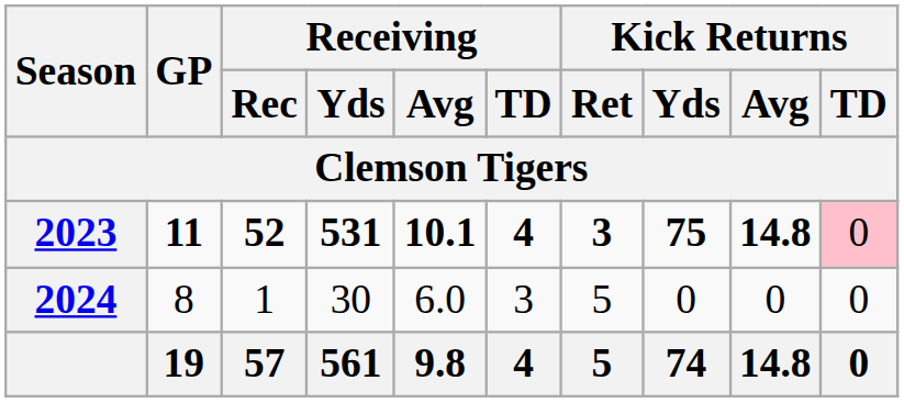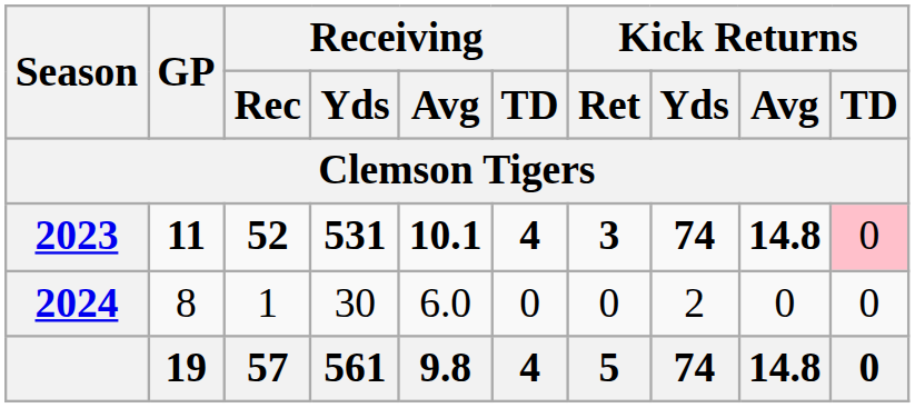 <table class="wikitable" style="text-align:center;">
 <tr>
 <th rowspan="2">Season</th>
 <th rowspan="2">GP</th>
 <th colspan="4">Receiving</th>
 <th colspan="4">Kick Returns</th>
 </tr>
 <tr>
 <th>Rec</th>
 <th>Yds</th>
 <th>Avg</th>
 <th>TD</th>
 <th>Ret</th>
 <th>Yds</th>
 <th>Avg</th>
 <th>TD</th>
 </tr>
 <tr>
 <th colspan="11">Clemson Tigers</th>
 </tr>
 <tr>
 <th><a href='#'>2023</a></th>
 <td><strong>11</strong></td>
 <td><strong>52</strong></td>
 <td><strong>531</strong></td>
 <td><strong>10.1</strong></td>
 <td><strong>4</strong></td>
 <td><strong>3</strong></td>
-<td><strong>75</strong></td>
+<td><strong>74</strong></td>
 <td><strong>14.8</strong></td>
 <td style="background: pink;">0</td>
 </tr>
 <tr>
 <th><a href='#'>2024</a></th>
 <td>8</td>
 <td>1</td>
 <td>30</td>
 <td>6.0</td>
-<td>3</td>
-<td>5</td>
 <td>0</td>
+<td>0</td>
+<td>2</td>
 <td>0</td>
 <td>0</td>
 </tr>
 <tr>
 <th></th>
 <th>19</th>
 <th>57</th>
 <th>561</th>
 <th>9.8</th>
 <th>4</th>
 <th>5</th>
 <th>74</th>
 <th>14.8</th>
 <th>0</th>
 </tr>
 </table>
